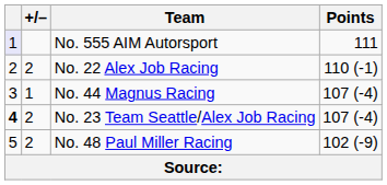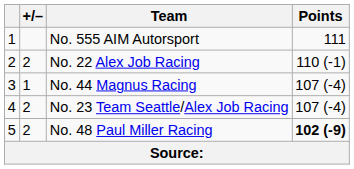 <table class="wikitable" style="font-size: 95%;">
 <tr>
 <th scope="col"></th>
 <th scope="col">+/–</th>
 <th scope="col">Team</th>
 <th scope="col">Points</th>
 </tr>
 <tr>
-<td align=center style="background: lavender;">1</td>
+<td align=center>1</td>
 <td align="left"></td>
 <td> No. 555 AIM Autorsport</td>
 <td align=right>111</td>
 </tr>
 <tr>
 <td align=center>2</td>
 <td align="left"> 2</td>
 <td> No. 22 <a href='#'>Alex Job Racing</a></td>
 <td align=right>110 (-1)</td>
 </tr>
 <tr>
 <td align=center>3</td>
 <td align="left"> 1</td>
 <td> No. 44 <a href='#'>Magnus Racing</a></td>
 <td align=right>107 (-4)</td>
 </tr>
 <tr>
-<td align=center><strong>4</strong></td>
+<td align=center>4</td>
 <td align="left"> 2</td>
 <td> No. 23 <a href='#'>Team Seattle</a>/<a href='#'>Alex Job Racing</a></td>
 <td align=right>107 (-4)</td>
 </tr>
 <tr>
 <td align=center>5</td>
 <td align="left"> 2</td>
 <td> No. 48 <a href='#'>Paul Miller Racing</a></td>
-<td align=right>102 (-9)</td>
+<td align=right><strong>102 (-9)</strong></td>
 </tr>
 <tr>
 <th colspan=5>Source:</th>
 </tr>
 </table>
